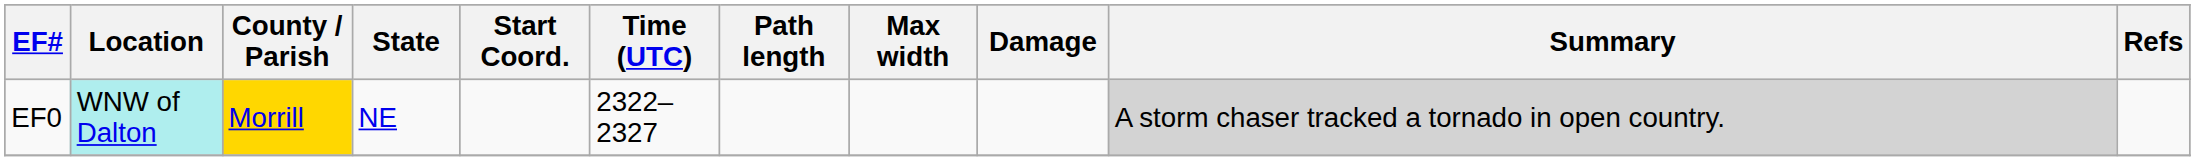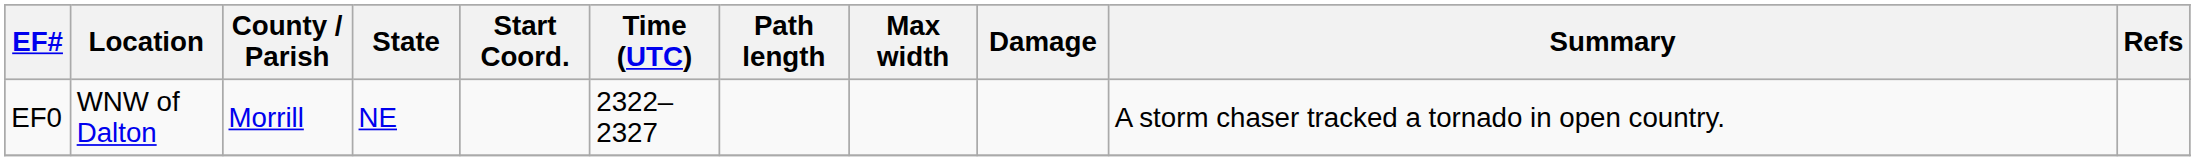 <table class="wikitable sortable" style="width:100%;">
 <tr>
 <th scope="col" width="3%" align="center"><a href='#'>EF#</a></th>
 <th scope="col" width="7%" align="center" class="unsortable">Location</th>
 <th scope="col" width="6%" align="center" class="unsortable">County / Parish</th>
 <th scope="col" width="5%" align="center">State</th>
 <th scope="col" width="6%" align="center">Start Coord.</th>
 <th scope="col" width="6%" align="center">Time (<a href='#'>UTC</a>)</th>
 <th scope="col" width="6%" align="center">Path length</th>
 <th scope="col" width="6%" align="center">Max width</th>
 <th scope="col" width="6%" align="center">Damage</th>
 <th scope="col" width="48%" class="unsortable" align="center">Summary</th>
 <th scope="col" width="48%" class="unsortable" align="center">Refs</th>
 </tr>
 <tr>
 <td>EF0</td>
-<td style="background: paleturquoise;">WNW of <a href='#'>Dalton</a></td>
-<td style="background: gold;"><a href='#'>Morrill</a></td>
+<td>WNW of <a href='#'>Dalton</a></td>
+<td><a href='#'>Morrill</a></td>
 <td><a href='#'>NE</a></td>
 <td></td>
 <td>2322–2327</td>
 <td></td>
 <td></td>
 <td></td>
-<td style="background: lightgrey;">A storm chaser tracked a tornado in open country.</td>
+<td>A storm chaser tracked a tornado in open country.</td>
 <td></td>
 </tr>
 <tr>
 </tr>
 </table>
